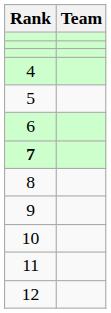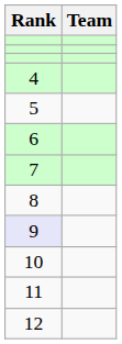 <table class="wikitable" style="text-align: center;">
 <tr>
 <th width=40>Rank</th>
 <th>Team</th>
 </tr>
 <tr bgcolor=#ccffcc>
 <td></td>
 <td style="text-align:left;"></td>
 </tr>
 <tr bgcolor=#ccffcc>
 <td></td>
 <td style="text-align:left;"></td>
 </tr>
 <tr bgcolor=#ccffcc>
 <td></td>
 <td style="text-align:left;"></td>
 </tr>
 <tr bgcolor=#ccffcc>
 <td>4</td>
 <td style="text-align:left;"></td>
 </tr>
 <tr>
 <td>5</td>
 <td style="text-align:left;"></td>
 </tr>
 <tr bgcolor=#ccffcc>
 <td>6</td>
 <td style="text-align:left;"></td>
 </tr>
 <tr bgcolor=#ccffcc>
-<td><strong>7</strong></td>
+<td>7</td>
 <td style="text-align:left;"></td>
 </tr>
 <tr>
 <td>8</td>
 <td style="text-align:left;"></td>
 </tr>
 <tr>
-<td>9</td>
+<td style="background: lavender;">9</td>
 <td style="text-align:left;"></td>
 </tr>
 <tr>
 <td>10</td>
 <td style="text-align:left;"></td>
 </tr>
 <tr>
 <td>11</td>
 <td style="text-align:left;"></td>
 </tr>
 <tr>
 <td>12</td>
 <td style="text-align:left;"></td>
 </tr>
 </table>
